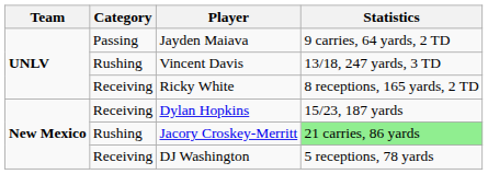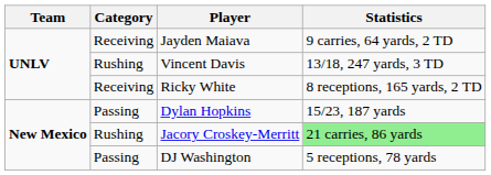 <table class="wikitable" style="float: right;">
 <tr>
 <th>Team</th>
 <th>Category</th>
 <th>Player</th>
 <th>Statistics</th>
 </tr>
 <tr>
 <td rowspan=3><strong>UNLV</strong></td>
-<td>Passing</td>
+<td>Receiving</td>
 <td>Jayden Maiava</td>
 <td>9 carries, 64 yards, 2 TD</td>
 </tr>
 <tr>
 <td>Rushing</td>
 <td>Vincent Davis</td>
 <td>13/18, 247 yards, 3 TD</td>
 </tr>
 <tr>
 <td>Receiving</td>
 <td>Ricky White</td>
 <td>8 receptions, 165 yards, 2 TD</td>
 </tr>
 <tr>
 <td rowspan=3><strong>New Mexico</strong></td>
-<td>Receiving</td>
+<td>Passing</td>
 <td><a href='#'>Dylan Hopkins</a></td>
 <td>15/23, 187 yards</td>
 </tr>
 <tr>
 <td>Rushing</td>
 <td><a href='#'>Jacory Croskey-Merritt</a></td>
 <td style="background: lightgreen;">21 carries, 86 yards</td>
 </tr>
 <tr>
-<td>Receiving</td>
+<td>Passing</td>
 <td>DJ Washington</td>
 <td>5 receptions, 78 yards</td>
 </tr>
 </table>
